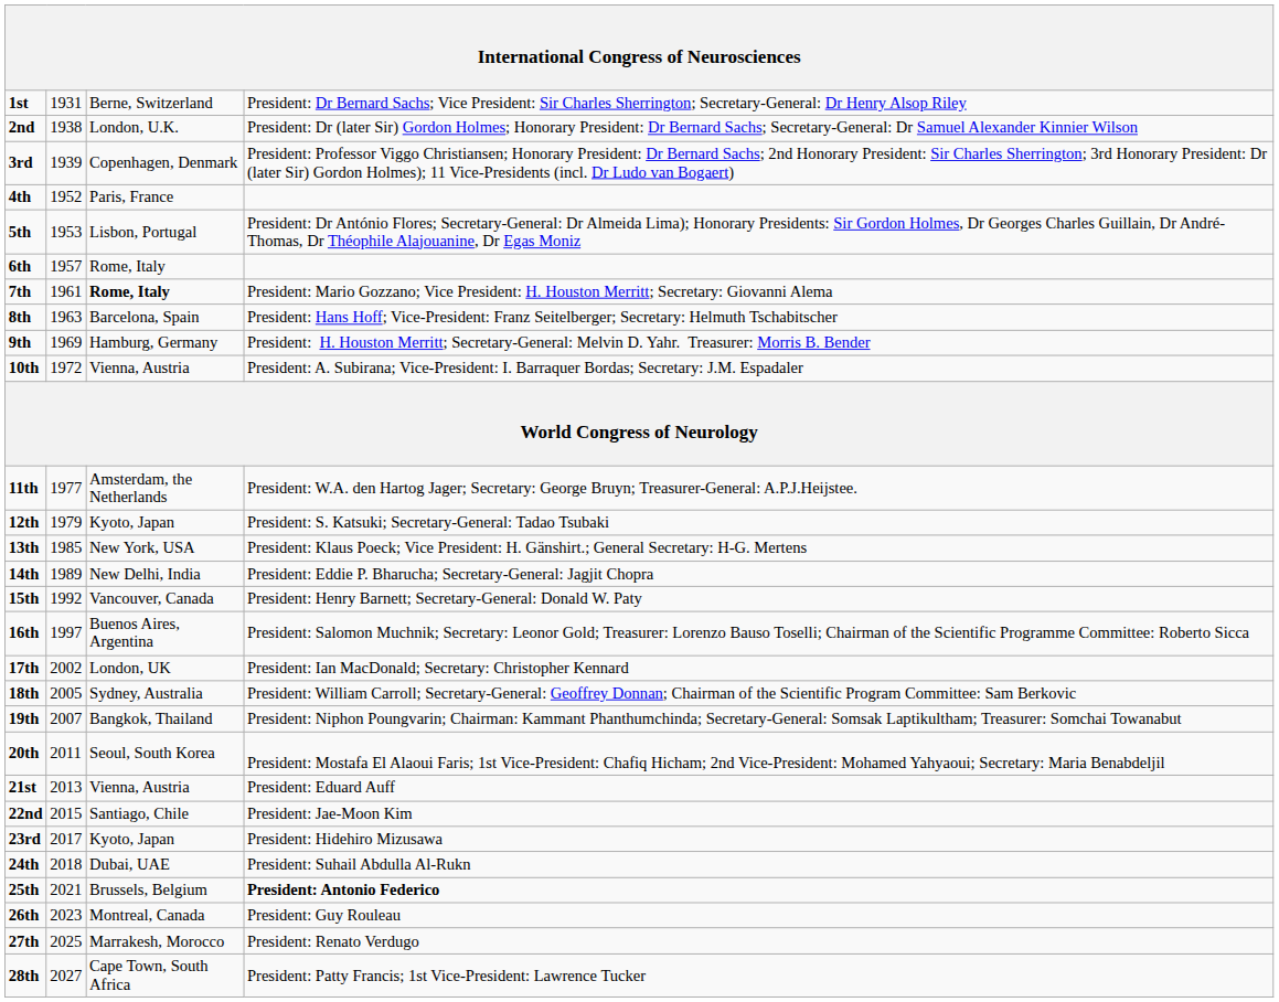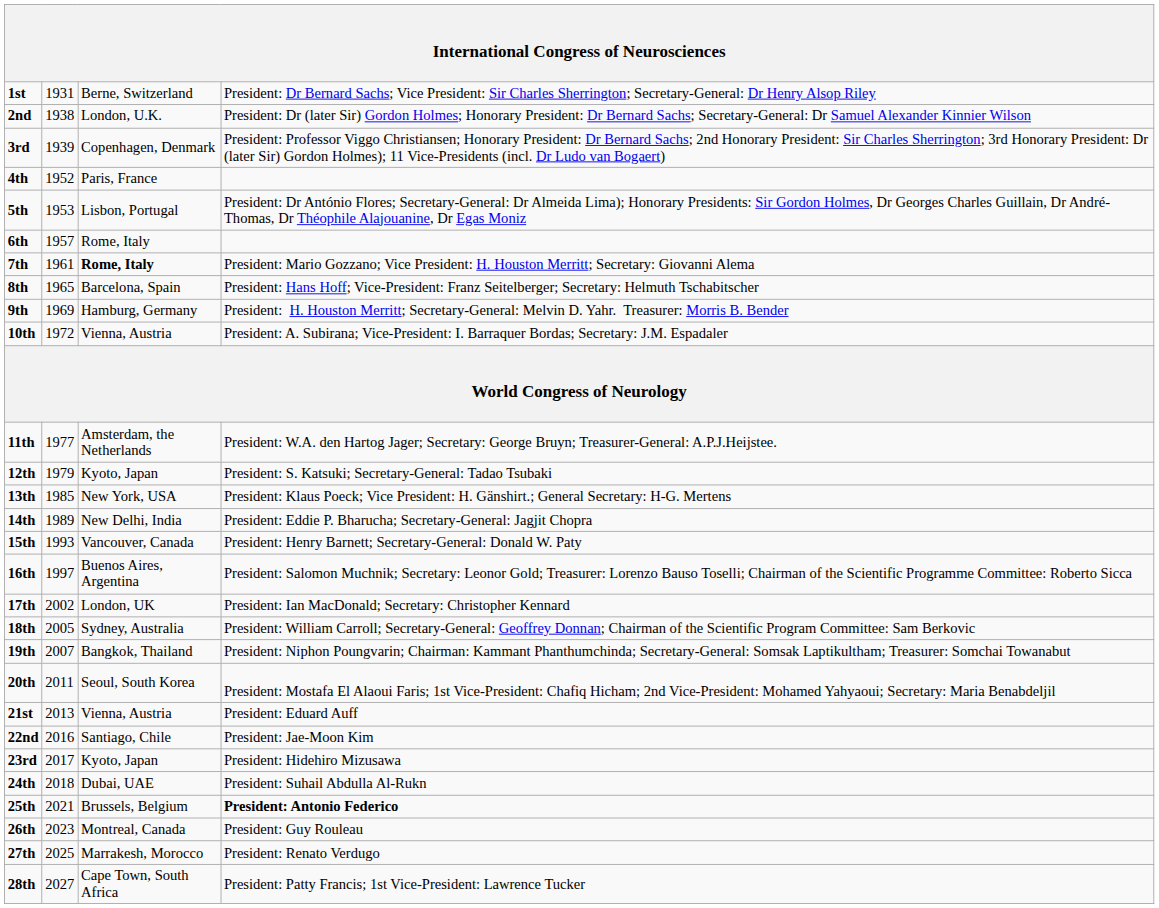 <table class="wikitable" style="width: 100%;" border="1" cellspacing="0" cellpadding="8">
 <tr>
 <th colspan="4" align="left"><br><h3>International Congress of Neurosciences</h3></th>
 </tr>
 <tr>
 <td><strong>1st</strong></td>
 <td>1931</td>
 <td>Berne, Switzerland</td>
 <td>President: <a href='#'>Dr Bernard Sachs</a>; Vice President: <a href='#'>Sir Charles Sherrington</a>; Secretary-General: <a href='#'>Dr Henry Alsop Riley</a></td>
 </tr>
 <tr>
 <td><strong>2nd</strong></td>
 <td>1938</td>
 <td>London, U.K.</td>
 <td>President: Dr (later Sir) <a href='#'>Gordon Holmes</a>; Honorary President: <a href='#'>Dr Bernard Sachs</a>; Secretary-General: Dr <a href='#'>Samuel Alexander Kinnier Wilson</a></td>
 </tr>
 <tr>
 <td><strong>3rd </strong></td>
 <td>1939</td>
 <td>Copenhagen, Denmark</td>
 <td>President: Professor Viggo Christiansen; Honorary President: <a href='#'>Dr Bernard Sachs</a>; 2nd Honorary President: <a href='#'>Sir Charles Sherrington</a>; 3rd Honorary President: Dr (later Sir) Gordon Holmes); 11 Vice-Presidents (incl. <a href='#'>Dr Ludo van Bogaert</a>)</td>
 </tr>
 <tr>
 <td><strong>4th </strong></td>
 <td>1952</td>
 <td>Paris, France</td>
 <td> </td>
 </tr>
 <tr>
 <td><strong>5th </strong></td>
 <td>1953</td>
 <td>Lisbon, Portugal</td>
 <td>President: Dr António Flores; Secretary-General: Dr Almeida Lima); Honorary Presidents: <a href='#'>Sir Gordon Holmes</a>, Dr Georges Charles Guillain, Dr André-Thomas, Dr <a href='#'>Théophile Alajouanine</a>, Dr <a href='#'>Egas Moniz</a></td>
 </tr>
 <tr>
 <td><strong>6th</strong></td>
 <td>1957</td>
 <td>Rome, Italy</td>
 <td> </td>
 </tr>
 <tr>
 <td><strong>7th</strong></td>
 <td>1961</td>
 <td><strong>Rome, Italy</strong></td>
 <td>President: Mario Gozzano; Vice President: <a href='#'>H. Houston Merritt</a>; Secretary: Giovanni Alema</td>
 </tr>
 <tr>
 <td><strong>8th</strong></td>
-<td>1963</td>
+<td>1965</td>
 <td>Barcelona, Spain</td>
 <td>President: <a href='#'>Hans Hoff</a>; Vice-President: Franz Seitelberger; Secretary: Helmuth Tschabitscher</td>
 </tr>
 <tr>
 <td><strong>9th</strong></td>
 <td>1969</td>
 <td>Hamburg, Germany</td>
 <td>President:  <a href='#'>H. Houston Merritt</a>; Secretary-General: Melvin D. Yahr.  Treasurer: <a href='#'>Morris B. Bender</a></td>
 </tr>
 <tr>
 <td><strong>10th</strong></td>
 <td>1972</td>
 <td>Vienna, Austria</td>
 <td>President: A. Subirana; Vice-President: I. Barraquer Bordas; Secretary: J.M. Espadaler</td>
 </tr>
 <tr>
 <th colspan="4" align="left"><br><h3>World Congress of Neurology</h3></th>
 </tr>
 <tr>
 <td><strong>11th</strong></td>
 <td>1977</td>
 <td>Amsterdam, the Netherlands </td>
 <td>President: W.A. den Hartog Jager; Secretary: George Bruyn; Treasurer-General: A.P.J.Heijstee.</td>
 </tr>
 <tr>
 <td><strong>12th</strong></td>
 <td>1979</td>
 <td>Kyoto, Japan</td>
 <td><span>President: S. Katsuki; Secretary-General: Tadao Tsubaki</span></td>
 </tr>
 <tr>
 <td><strong>13th</strong></td>
 <td>1985</td>
 <td>New York, USA </td>
 <td>President: Klaus Poeck; Vice President: H. Gänshirt.; General Secretary: H-G. Mertens</td>
 </tr>
 <tr>
 <td><strong>14th</strong></td>
 <td>1989</td>
 <td>New Delhi, India </td>
 <td>President: Eddie P. Bharucha; Secretary-General: Jagjit Chopra</td>
 </tr>
 <tr>
 <td><strong>15th</strong></td>
-<td>1992</td>
+<td>1993</td>
 <td>Vancouver, Canada </td>
 <td>President: Henry Barnett; Secretary-General: Donald W. Paty</td>
 </tr>
 <tr>
 <td><strong>16th</strong></td>
 <td>1997</td>
 <td>Buenos Aires, Argentina </td>
 <td>President: Salomon Muchnik; Secretary: Leonor Gold; Treasurer: Lorenzo Bauso Toselli; Chairman of the Scientific Programme Committee: Roberto Sicca</td>
 </tr>
 <tr>
 <td><strong>17th</strong></td>
 <td>2002</td>
 <td>London, UK </td>
 <td>President: Ian MacDonald; Secretary: Christopher Kennard</td>
 </tr>
 <tr>
 <td><strong>18th</strong></td>
 <td>2005</td>
 <td>Sydney, Australia</td>
 <td>President: William Carroll; Secretary-General: <a href='#'>Geoffrey Donnan</a>; Chairman of the Scientific Program Committee: Sam Berkovic</td>
 </tr>
 <tr>
 <td><strong>19th</strong></td>
 <td>2007</td>
 <td>Bangkok, Thailand</td>
 <td>President: Niphon Poungvarin; Chairman: Kammant Phanthumchinda; Secretary-General: Somsak Laptikultham; Treasurer: Somchai Towanabut</td>
 </tr>
 <tr>
 <td><strong>20th</strong></td>
 <td>2011</td>
 <td>Seoul, South Korea</td>
 <td><br><span>President: Mostafa El Alaoui Faris; 1st Vice-President: Chafiq Hicham; 2nd Vice-President: Mohamed Yahyaoui; Secretary: Maria Benabdeljil</span></td>
 </tr>
 <tr>
 <td><strong>21st</strong></td>
 <td>2013</td>
 <td>Vienna, Austria </td>
 <td>President: Eduard Auff</td>
 </tr>
 <tr>
 <td><strong>22nd</strong></td>
-<td>2015</td>
+<td>2016</td>
 <td>Santiago, Chile</td>
 <td>President: Jae-Moon Kim</td>
 </tr>
 <tr>
 <td><strong>23rd</strong></td>
 <td>2017</td>
 <td>Kyoto, Japan</td>
 <td>President: Hidehiro Mizusawa</td>
 </tr>
 <tr>
 <td><strong>24th</strong></td>
 <td>2018</td>
 <td>Dubai, UAE</td>
 <td>President: Suhail Abdulla Al-Rukn</td>
 </tr>
 <tr>
 <td><strong>25th</strong></td>
 <td>2021</td>
 <td>Brussels, Belgium</td>
 <td><strong>President: Antonio Federico</strong></td>
 </tr>
 <tr>
 <td><strong>26th</strong></td>
 <td>2023</td>
 <td>Montreal, Canada</td>
 <td>President: Guy Rouleau</td>
 </tr>
 <tr>
 <td><strong>27th</strong></td>
 <td>2025</td>
 <td>Marrakesh, Morocco </td>
 <td>President: Renato Verdugo</td>
 </tr>
 <tr>
 <td><strong>28th</strong></td>
 <td>2027</td>
 <td>Cape Town, South Africa</td>
 <td>President: Patty Francis; 1st Vice-President: Lawrence Tucker</td>
 </tr>
 </table>
